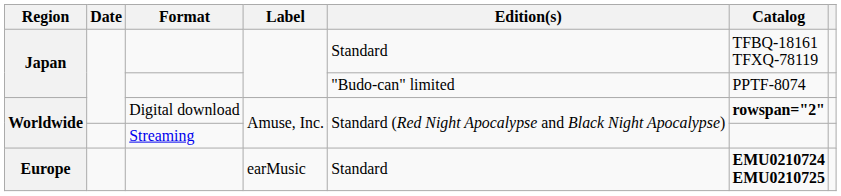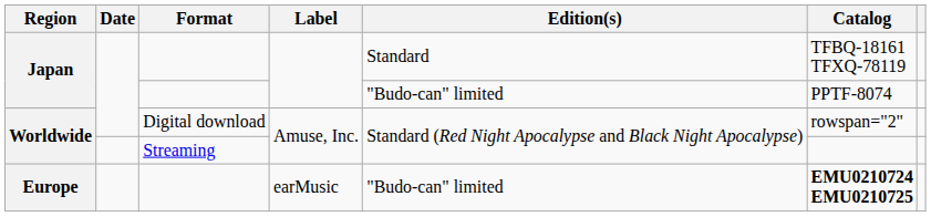 <table class="wikitable plainrowheaders">
 <tr>
 <th scope="col">Region</th>
 <th scope="col">Date</th>
 <th scope="col">Format</th>
 <th scope="col">Label</th>
 <th scope="col">Edition(s)</th>
 <th scope="col">Catalog</th>
 <th scope="col"></th>
 </tr>
 <tr>
 <th scope="row" rowspan="2">Japan</th>
 <td rowspan="3"></td>
 <td></td>
 <td rowspan="2"></td>
 <td>Standard</td>
 <td>TFBQ-18161<br>TFXQ-78119</td>
 <td></td>
 </tr>
 <tr>
 <td></td>
 <td>"Budo-can" limited</td>
 <td>PPTF-8074</td>
 <td></td>
 </tr>
 <tr>
 <th scope="row" rowspan="2">Worldwide</th>
 <td>Digital download</td>
 <td rowspan="2">Amuse, Inc.</td>
 <td rowspan="2">Standard (<em>Red Night Apocalypse</em> and <em>Black Night Apocalypse</em>)</td>
-<td><strong>rowspan="2" </strong></td>
+<td>rowspan="2" </td>
 <td></td>
 </tr>
 <tr>
 <td></td>
 <td><a href='#'>Streaming</a></td>
 <td></td>
 </tr>
 <tr>
 <th scope="row" rowspan="2">Europe</th>
 <td></td>
 <td></td>
 <td>earMusic</td>
-<td>Standard</td>
+<td>"Budo-can" limited</td>
 <td><strong>EMU0210724<br>EMU0210725</strong></td>
 <td></td>
 </tr>
 </table>
